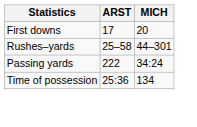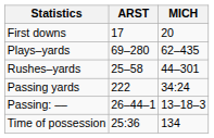 <table class="wikitable" style="float:left">
 <tr>
 <th>Statistics</th>
 <th>ARST</th>
 <th>MICH</th>
 </tr>
 <tr>
 <td>First downs</td>
 <td>17</td>
 <td>20</td>
 </tr>
 <tr>
+<td>Plays–yards</td>
+<td>69–280</td>
+<td>62–435</td>
+</tr>
+<tr>
 <td>Rushes–yards</td>
 <td>25–58</td>
 <td>44–301</td>
 </tr>
 <tr>
 <td>Passing yards</td>
 <td>222</td>
 <td>34:24</td>
 </tr>
 <tr>
+<td>Passing: ––</td>
+<td>26–44–1</td>
+<td>13–18–3</td>
+</tr>
+<tr>
 <td>Time of possession</td>
 <td>25:36</td>
 <td>134</td>
 </tr>
 </table>
